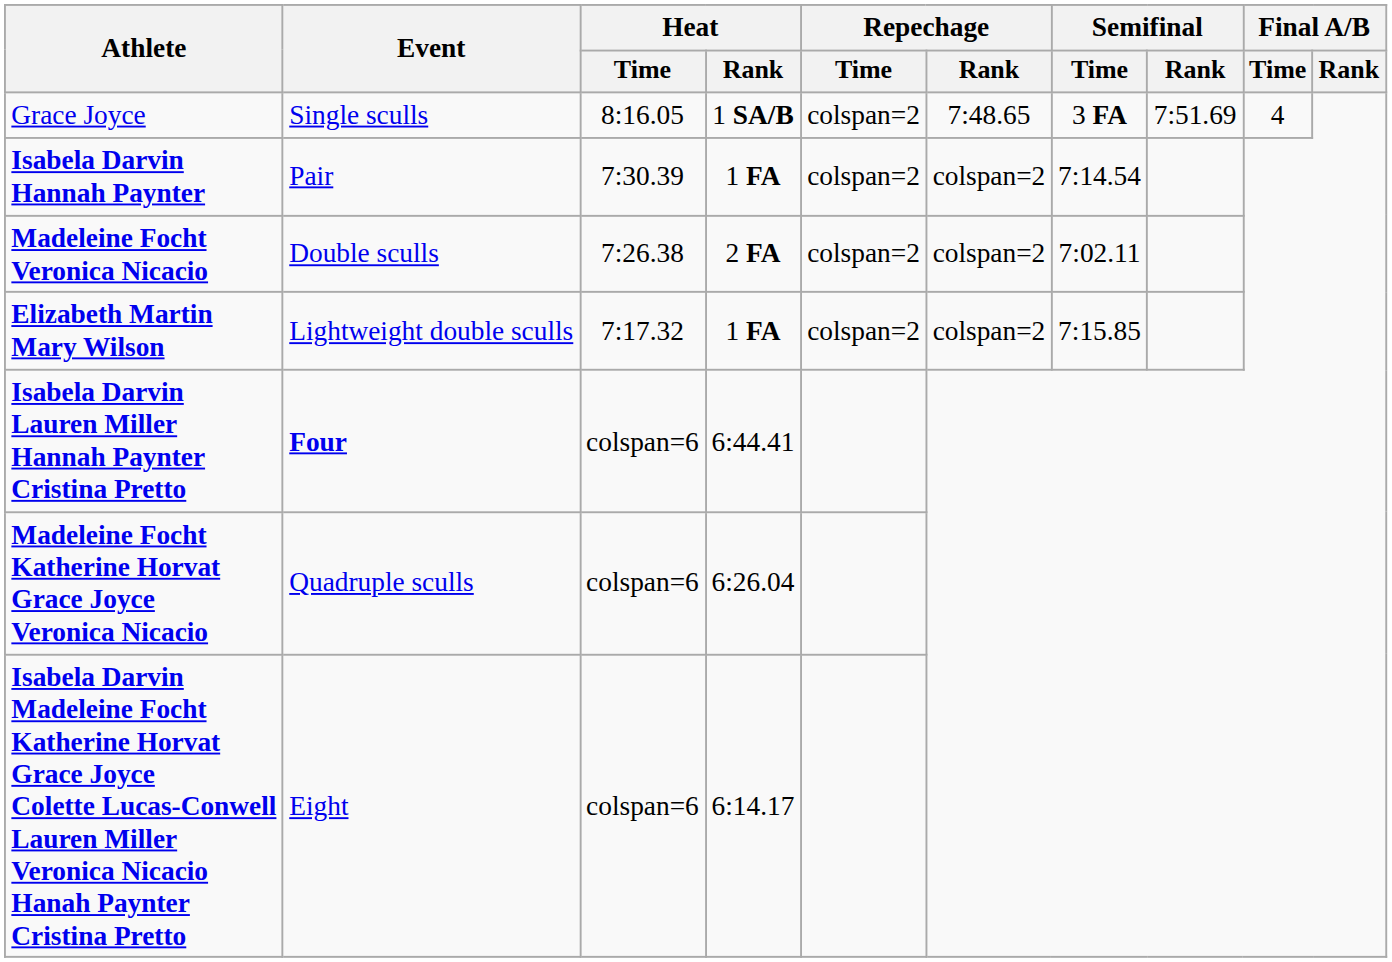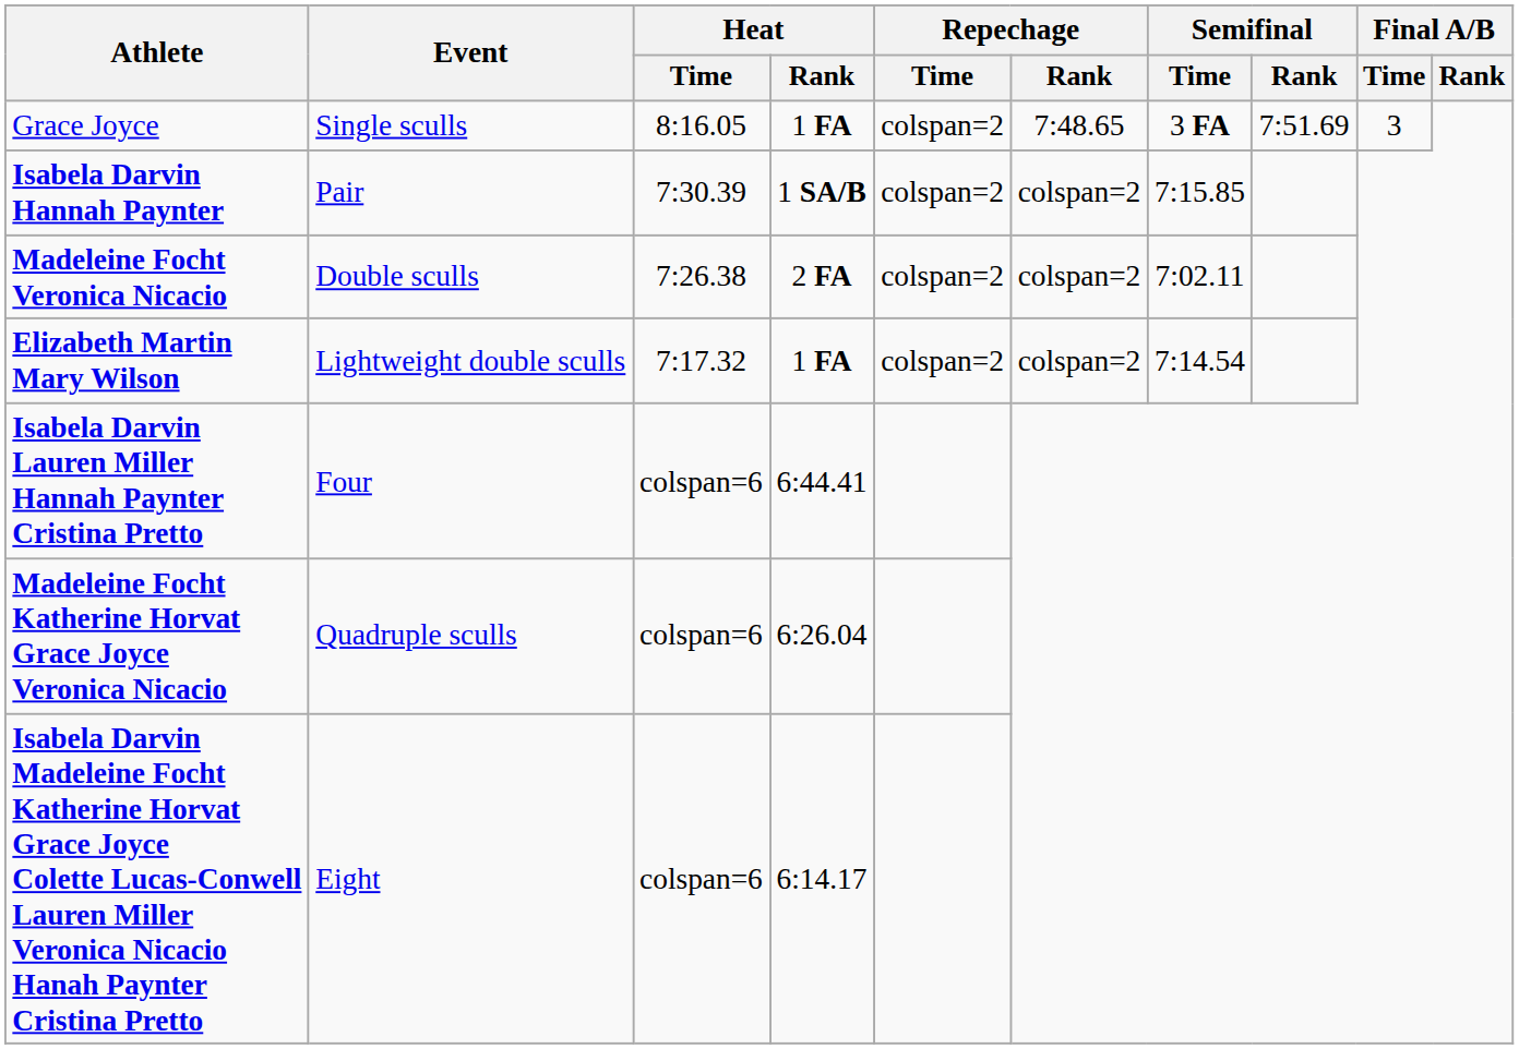 <table class=wikitable style=font-size:90%;text-align:center>
 <tr>
 <th rowspan=2>Athlete</th>
 <th rowspan=2>Event</th>
 <th colspan=2>Heat</th>
 <th colspan=2>Repechage</th>
 <th colspan=2>Semifinal</th>
 <th colspan=2>Final A/B</th>
 </tr>
 <tr style=font-size:95%>
 <th>Time</th>
 <th>Rank</th>
 <th>Time</th>
 <th>Rank</th>
 <th>Time</th>
 <th>Rank</th>
 <th>Time</th>
 <th>Rank</th>
 </tr>
 <tr>
 <td align=left><a href='#'>Grace Joyce</a></td>
 <td align=left><a href='#'>Single sculls</a></td>
 <td>8:16.05</td>
-<td>1 <strong>SA/B</strong></td>
+<td>1 <strong>FA</strong></td>
 <td>colspan=2 </td>
 <td>7:48.65</td>
 <td>3 <strong>FA</strong></td>
 <td>7:51.69</td>
-<td>4</td>
+<td>3</td>
 </tr>
 <tr>
 <td align=left><strong><a href='#'>Isabela Darvin</a><br><a href='#'>Hannah Paynter</a></strong></td>
 <td align=left><a href='#'>Pair</a></td>
 <td>7:30.39</td>
-<td>1 <strong>FA</strong></td>
+<td>1 <strong>SA/B</strong></td>
 <td>colspan=2 </td>
 <td>colspan=2 </td>
-<td>7:14.54</td>
+<td>7:15.85</td>
 <td></td>
 </tr>
 <tr>
 <td align=left><strong><a href='#'>Madeleine Focht</a><br><a href='#'>Veronica Nicacio</a></strong></td>
 <td align=left><a href='#'>Double sculls</a></td>
 <td>7:26.38</td>
 <td>2 <strong>FA</strong></td>
 <td>colspan=2 </td>
 <td>colspan=2 </td>
 <td>7:02.11</td>
 <td></td>
 </tr>
 <tr>
 <td align=left><strong><a href='#'>Elizabeth Martin</a><br><a href='#'>Mary Wilson</a></strong></td>
 <td align=left><a href='#'>Lightweight double sculls</a></td>
 <td>7:17.32</td>
 <td>1 <strong>FA</strong></td>
 <td>colspan=2 </td>
 <td>colspan=2 </td>
-<td>7:15.85</td>
+<td>7:14.54</td>
 <td></td>
 </tr>
 <tr>
 <td align=left><strong><a href='#'>Isabela Darvin</a><br><a href='#'>Lauren Miller</a><br><a href='#'>Hannah Paynter</a><br><a href='#'>Cristina Pretto</a></strong></td>
-<td align=left><strong><a href='#'>Four</a></strong></td>
+<td align=left><a href='#'>Four</a></td>
 <td>colspan=6 </td>
 <td>6:44.41</td>
 <td></td>
 </tr>
 <tr>
 <td align=left><strong><a href='#'>Madeleine Focht</a><br><a href='#'>Katherine Horvat</a><br><a href='#'>Grace Joyce</a><br><a href='#'>Veronica Nicacio</a></strong></td>
 <td align=left><a href='#'>Quadruple sculls</a></td>
 <td>colspan=6 </td>
 <td>6:26.04</td>
 <td></td>
 </tr>
 <tr>
 <td align=left><strong><a href='#'>Isabela Darvin</a><br><a href='#'>Madeleine Focht</a><br><a href='#'>Katherine Horvat</a><br><a href='#'>Grace Joyce</a><br><a href='#'>Colette Lucas-Conwell</a><br><a href='#'>Lauren Miller</a><br><a href='#'>Veronica Nicacio</a><br><a href='#'>Hanah Paynter</a><br><a href='#'>Cristina Pretto</a></strong></td>
 <td align=left><a href='#'>Eight</a></td>
 <td>colspan=6 </td>
 <td>6:14.17</td>
 <td></td>
 </tr>
 </table>
